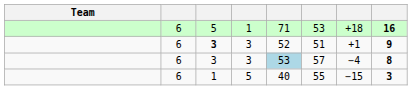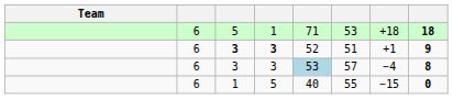 <table class=wikitable style="text-align:center">
 <tr>
 <th width=200>Team</th>
 <th width=40></th>
 <th width=40></th>
 <th width=40></th>
 <th width=40></th>
 <th width=40></th>
 <th width=40></th>
 <th width=40></th>
 </tr>
 <tr bgcolor=ccffcc>
 <td align=left></td>
 <td>6</td>
 <td>5</td>
 <td>1</td>
 <td>71</td>
 <td>53</td>
 <td>+18</td>
-<td><strong>16</strong></td>
+<td><strong>18</strong></td>
 </tr>
 <tr>
 <td align=left></td>
 <td>6</td>
 <td><strong>3</strong></td>
-<td>3</td>
+<td><strong>3</strong></td>
 <td>52</td>
 <td>51</td>
 <td>+1</td>
 <td><strong>9</strong></td>
 </tr>
 <tr>
 <td align=left></td>
 <td>6</td>
 <td>3</td>
 <td>3</td>
 <td style="background: lightblue;">53</td>
 <td>57</td>
 <td>−4</td>
 <td><strong>8</strong></td>
 </tr>
 <tr>
 <td align=left></td>
 <td>6</td>
 <td>1</td>
 <td>5</td>
 <td>40</td>
 <td>55</td>
 <td>−15</td>
-<td><strong>3</strong></td>
+<td><strong>0</strong></td>
 </tr>
 </table>
